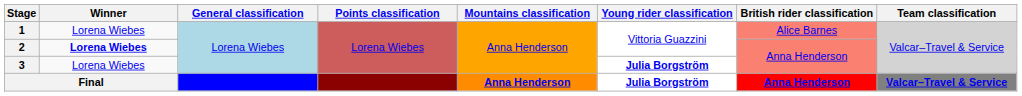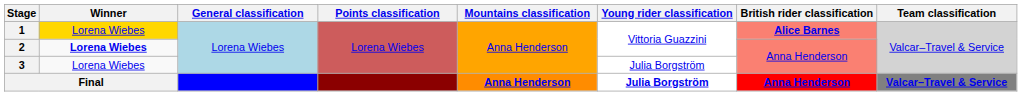 <table class="wikitable" style="text-align: center; font-size:smaller;">
 <tr style="background:#efefef;">
 <th scope="col" style="width:2%;">Stage</th>
 <th scope="col" style="width:14%;">Winner</th>
 <th scope="col" style="width:14%;"><a href='#'>General classification</a><br></th>
 <th scope="col" style="width:14%;"><a href='#'>Points classification</a><br></th>
 <th scope="col" style="width:14%;"><a href='#'>Mountains classification</a><br></th>
 <th scope="col" style="width:14%;"><a href='#'>Young rider classification</a><br></th>
 <th scope="col" style="width:14%;">British rider classification<br></th>
 <th scope="col" style="width:14%;">Team classification</th>
 </tr>
 <tr>
 <th>1</th>
-<td><a href='#'>Lorena Wiebes</a></td>
+<td style="background: gold;"><a href='#'>Lorena Wiebes</a></td>
 <td style="background:lightblue;" rowspan=3><a href='#'>Lorena Wiebes</a></td>
 <td style="background:IndianRed;" rowspan=3><a href='#'>Lorena Wiebes</a></td>
 <td style="background:orange;" rowspan=3><a href='#'>Anna Henderson</a></td>
 <td style="background:white;" rowspan=2><a href='#'>Vittoria Guazzini</a></td>
-<td style="background:Salmon;" rowspan=1><a href='#'>Alice Barnes</a></td>
+<td style="background:Salmon;" rowspan=1><strong><a href='#'>Alice Barnes</a></strong></td>
 <td style="background:lightgrey;" rowspan=3><a href='#'>Valcar–Travel & Service</a></td>
 </tr>
 <tr>
 <th>2</th>
 <td><strong><a href='#'>Lorena Wiebes</a></strong></td>
 <td style="background:Salmon;" rowspan=2><a href='#'>Anna Henderson</a></td>
 </tr>
 <tr>
 <th>3</th>
 <td><a href='#'>Lorena Wiebes</a></td>
-<td style="background:white;" rowspan=1><strong><a href='#'>Julia Borgström</a></strong></td>
+<td style="background:white;" rowspan=1><a href='#'>Julia Borgström</a></td>
 </tr>
 <tr>
 <th colspan="2">Final</th>
 <th style="background:blue;"></th>
 <th style="background:DarkRed;"></th>
 <th style="background:DarkOrange;"><a href='#'>Anna Henderson</a></th>
 <th style="background:white;"><a href='#'>Julia Borgström</a></th>
 <th style="background:red;"><a href='#'>Anna Henderson</a></th>
 <th style="background:grey;"><a href='#'>Valcar–Travel & Service</a></th>
 </tr>
 </table>
